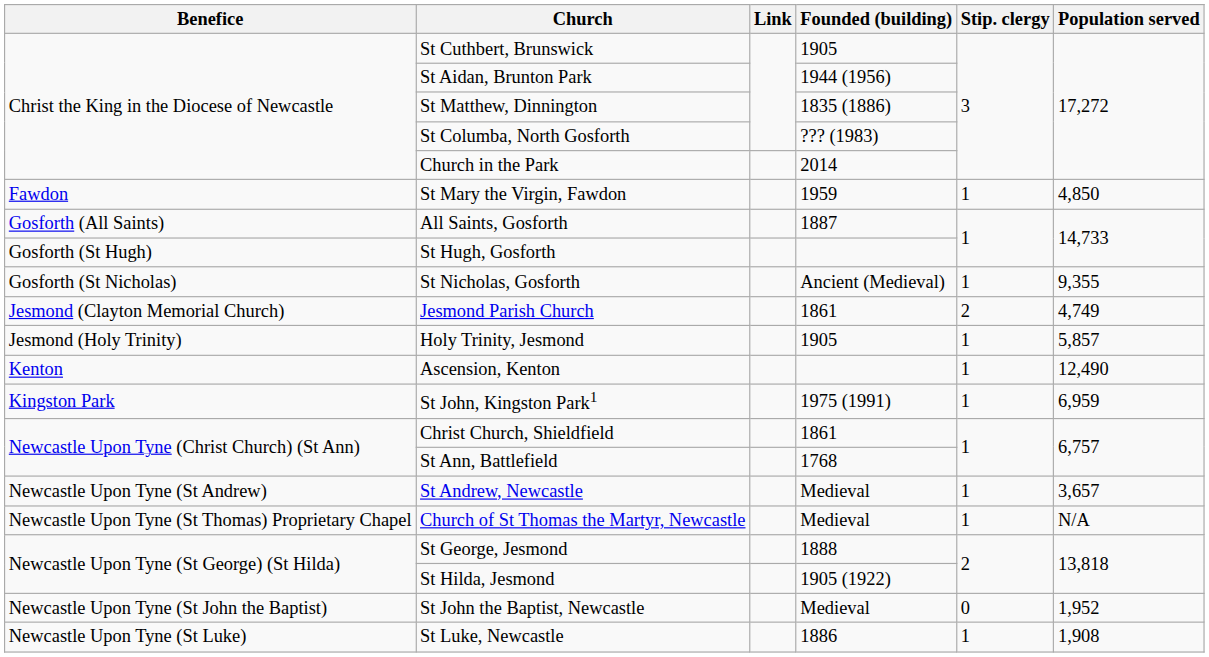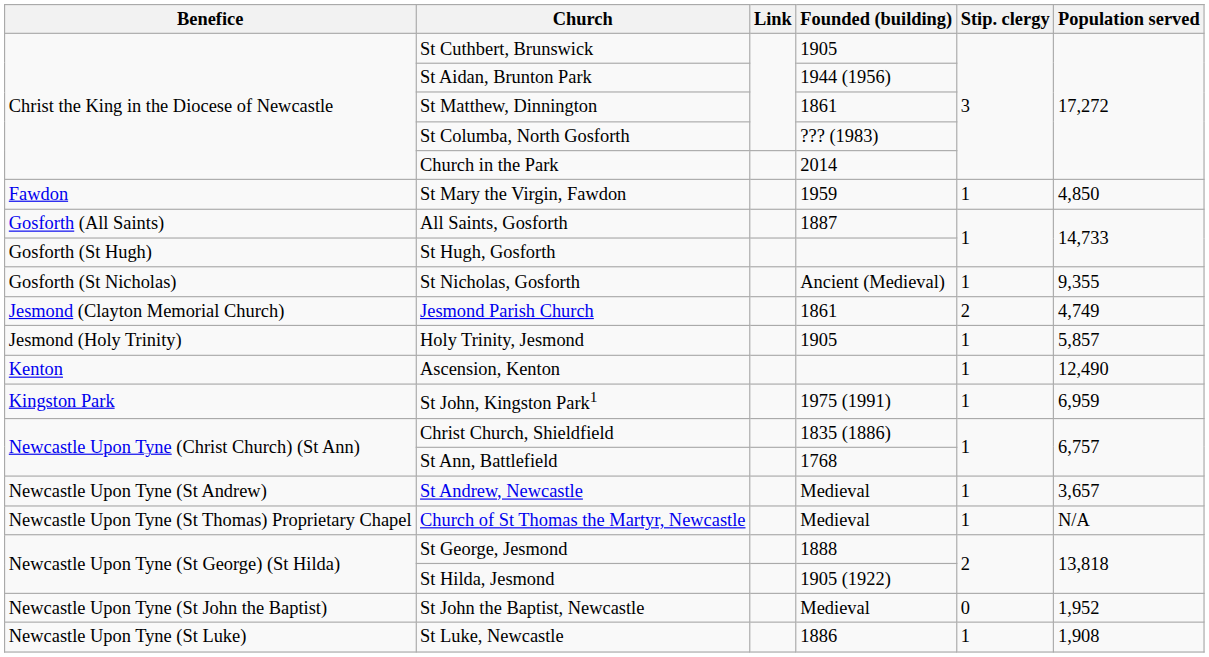 <table class="wikitable">
 <tr>
 <th>Benefice</th>
 <th>Church</th>
 <th>Link</th>
 <th>Founded (building)</th>
 <th>Stip. clergy</th>
 <th>Population served</th>
 </tr>
 <tr>
 <td rowspan="5">Christ the King in the Diocese of Newcastle</td>
 <td>St Cuthbert, Brunswick</td>
 <td rowspan="4"></td>
 <td>1905</td>
 <td rowspan="5">3</td>
 <td rowspan="5">17,272</td>
 </tr>
 <tr>
 <td>St Aidan, Brunton Park</td>
 <td>1944 (1956)</td>
 </tr>
 <tr>
 <td>St Matthew, Dinnington</td>
-<td>1835 (1886)</td>
+<td>1861</td>
 </tr>
 <tr>
 <td>St Columba, North Gosforth</td>
 <td>??? (1983)</td>
 </tr>
 <tr>
 <td>Church in the Park</td>
 <td></td>
 <td>2014</td>
 </tr>
 <tr>
 <td><a href='#'>Fawdon</a></td>
 <td>St Mary the Virgin, Fawdon</td>
 <td></td>
 <td>1959</td>
 <td>1</td>
 <td>4,850</td>
 </tr>
 <tr>
 <td><a href='#'>Gosforth</a> (All Saints)</td>
 <td>All Saints, Gosforth</td>
 <td></td>
 <td>1887</td>
 <td rowspan="2">1</td>
 <td rowspan="2">14,733</td>
 </tr>
 <tr>
 <td>Gosforth (St Hugh)</td>
 <td>St Hugh, Gosforth</td>
 <td></td>
 <td></td>
 </tr>
 <tr>
 <td>Gosforth (St Nicholas)</td>
 <td>St Nicholas, Gosforth</td>
 <td></td>
 <td>Ancient (Medieval)</td>
 <td>1</td>
 <td>9,355</td>
 </tr>
 <tr>
 <td><a href='#'>Jesmond</a> (Clayton Memorial Church)</td>
 <td><a href='#'>Jesmond Parish Church</a></td>
 <td></td>
 <td>1861</td>
 <td>2</td>
 <td>4,749</td>
 </tr>
 <tr>
 <td>Jesmond (Holy Trinity)</td>
 <td>Holy Trinity, Jesmond</td>
 <td></td>
 <td>1905</td>
 <td>1</td>
 <td>5,857</td>
 </tr>
 <tr>
 <td><a href='#'>Kenton</a></td>
 <td>Ascension, Kenton</td>
 <td></td>
 <td></td>
 <td>1</td>
 <td>12,490</td>
 </tr>
 <tr>
 <td><a href='#'>Kingston Park</a></td>
 <td>St John, Kingston Park<sup>1</sup></td>
 <td></td>
 <td>1975 (1991)</td>
 <td>1</td>
 <td>6,959</td>
 </tr>
 <tr>
 <td rowspan="2"><a href='#'>Newcastle Upon Tyne</a> (Christ Church) (St Ann)</td>
 <td>Christ Church, Shieldfield</td>
 <td></td>
-<td>1861</td>
+<td>1835 (1886)</td>
 <td rowspan="2">1</td>
 <td rowspan="2">6,757</td>
 </tr>
 <tr>
 <td>St Ann, Battlefield</td>
 <td></td>
 <td>1768</td>
 </tr>
 <tr>
 <td>Newcastle Upon Tyne (St Andrew)</td>
 <td><a href='#'>St Andrew, Newcastle</a></td>
 <td></td>
 <td>Medieval</td>
 <td>1</td>
 <td>3,657</td>
 </tr>
 <tr>
 <td>Newcastle Upon Tyne (St Thomas) Proprietary Chapel</td>
 <td><a href='#'>Church of St Thomas the Martyr, Newcastle</a></td>
 <td></td>
 <td>Medieval</td>
 <td>1</td>
 <td>N/A</td>
 </tr>
 <tr>
 <td rowspan="2">Newcastle Upon Tyne (St George) (St Hilda)</td>
 <td>St George, Jesmond</td>
 <td></td>
 <td>1888</td>
 <td rowspan="2">2</td>
 <td rowspan="2">13,818</td>
 </tr>
 <tr>
 <td>St Hilda, Jesmond</td>
 <td></td>
 <td>1905 (1922)</td>
 </tr>
 <tr>
 <td>Newcastle Upon Tyne (St John the Baptist)</td>
 <td>St John the Baptist, Newcastle</td>
 <td></td>
 <td>Medieval</td>
 <td>0</td>
 <td>1,952</td>
 </tr>
 <tr>
 <td>Newcastle Upon Tyne (St Luke)</td>
 <td>St Luke, Newcastle</td>
 <td></td>
 <td>1886</td>
 <td>1</td>
 <td>1,908</td>
 </tr>
 </table>
